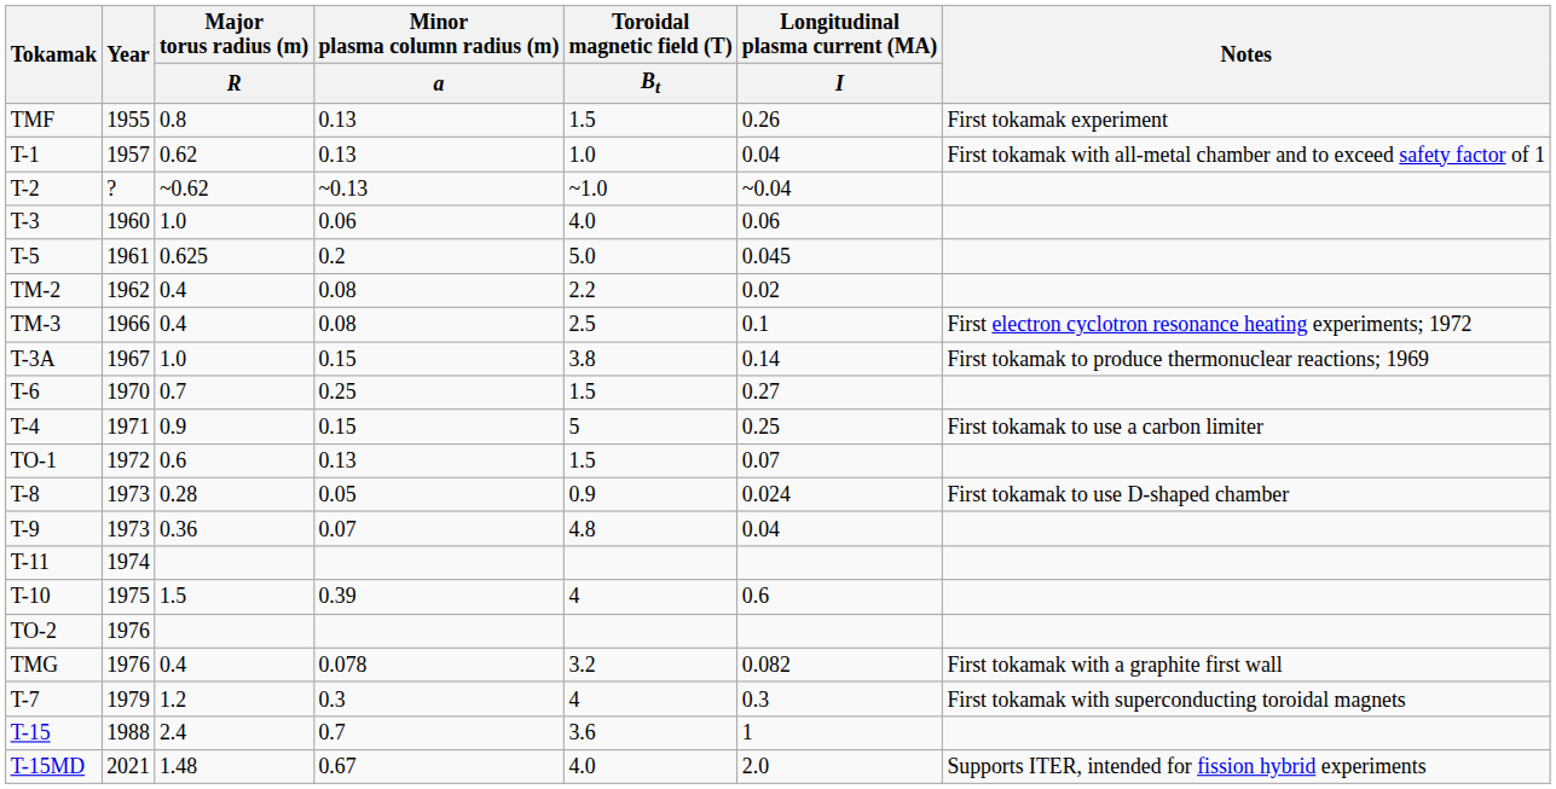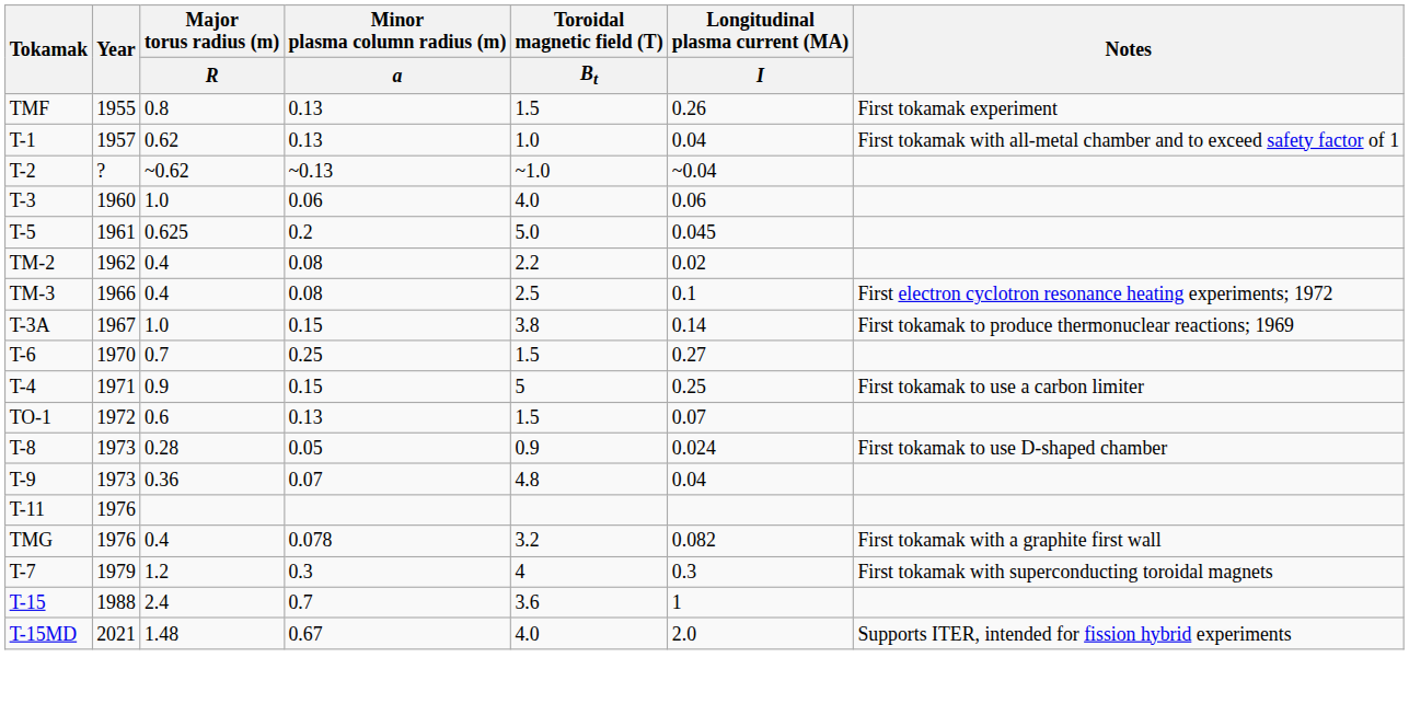 <table class="wikitable sortable">
 <tr>
 <th rowspan="2">Tokamak</th>
 <th rowspan="2">Year</th>
 <th>Major<br>torus radius (m)</th>
 <th>Minor<br>plasma column radius  (m)</th>
 <th>Toroidal<br>magnetic field (T)</th>
 <th>Longitudinal<br>plasma current (MA)</th>
 <th rowspan="2">Notes</th>
 </tr>
 <tr>
 <th><em>R</em></th>
 <th><em>a</em></th>
 <th><em>B<sub>t</sub></em></th>
 <th><em>I</em></th>
 </tr>
 <tr>
 <td>TMF</td>
 <td>1955</td>
 <td>0.8</td>
 <td>0.13</td>
 <td>1.5</td>
 <td>0.26</td>
 <td>First tokamak experiment</td>
 </tr>
 <tr>
 <td>T-1</td>
 <td>1957</td>
 <td>0.62</td>
 <td>0.13</td>
 <td>1.0</td>
 <td>0.04</td>
 <td>First tokamak with all-metal chamber and to exceed <a href='#'>safety factor</a> of 1</td>
 </tr>
 <tr>
 <td>T-2</td>
 <td>?</td>
 <td>~0.62</td>
 <td>~0.13</td>
 <td>~1.0</td>
 <td>~0.04</td>
 <td></td>
 </tr>
 <tr>
 <td>T-3</td>
 <td>1960</td>
 <td>1.0</td>
 <td>0.06</td>
 <td>4.0</td>
 <td>0.06</td>
 <td></td>
 </tr>
 <tr>
 <td>T-5</td>
 <td>1961</td>
 <td>0.625</td>
 <td>0.2</td>
 <td>5.0</td>
 <td>0.045</td>
 <td></td>
 </tr>
 <tr>
 <td>TM-2</td>
 <td>1962</td>
 <td>0.4</td>
 <td>0.08</td>
 <td>2.2</td>
 <td>0.02</td>
 <td></td>
 </tr>
 <tr>
 <td>TM-3</td>
 <td>1966</td>
 <td>0.4</td>
 <td>0.08</td>
 <td>2.5</td>
 <td>0.1</td>
 <td>First <a href='#'>electron cyclotron resonance heating</a> experiments; 1972</td>
 </tr>
 <tr>
 <td>T-3A</td>
 <td>1967</td>
 <td>1.0</td>
 <td>0.15</td>
 <td>3.8</td>
 <td>0.14</td>
 <td>First tokamak to produce thermonuclear reactions; 1969</td>
 </tr>
 <tr>
 <td>T-6</td>
 <td>1970</td>
 <td>0.7</td>
 <td>0.25</td>
 <td>1.5</td>
 <td>0.27</td>
 <td></td>
 </tr>
 <tr>
 <td>T-4</td>
 <td>1971</td>
 <td>0.9</td>
 <td>0.15</td>
 <td>5</td>
 <td>0.25</td>
 <td>First tokamak to use a carbon limiter</td>
 </tr>
 <tr>
 <td>TO-1</td>
 <td>1972</td>
 <td>0.6</td>
 <td>0.13</td>
 <td>1.5</td>
 <td>0.07</td>
 <td></td>
 </tr>
 <tr>
 <td>T-8</td>
 <td>1973</td>
 <td>0.28</td>
 <td>0.05</td>
 <td>0.9</td>
 <td>0.024</td>
 <td>First tokamak to use D-shaped chamber</td>
 </tr>
 <tr>
 <td>T-9</td>
 <td>1973</td>
 <td>0.36</td>
 <td>0.07</td>
 <td>4.8</td>
 <td>0.04</td>
 <td></td>
 </tr>
 <tr>
 <td>T-11</td>
-<td>1974</td>
-<td></td>
-<td></td>
-<td></td>
-<td></td>
-<td></td>
-</tr>
-<tr>
-<td>T-10</td>
-<td>1975</td>
-<td>1.5</td>
-<td>0.39</td>
-<td>4</td>
-<td>0.6</td>
-<td></td>
-</tr>
-<tr>
-<td>TO-2</td>
 <td>1976</td>
 <td></td>
 <td></td>
 <td></td>
 <td></td>
 <td></td>
 </tr>
 <tr>
 <td>TMG</td>
 <td>1976</td>
 <td>0.4</td>
 <td>0.078</td>
 <td>3.2</td>
 <td>0.082</td>
 <td>First tokamak with a graphite first wall</td>
 </tr>
 <tr>
 <td>T-7</td>
 <td>1979</td>
 <td>1.2</td>
 <td>0.3</td>
 <td>4</td>
 <td>0.3</td>
 <td>First tokamak with superconducting toroidal magnets</td>
 </tr>
 <tr>
 <td><a href='#'>T-15</a></td>
 <td>1988</td>
 <td>2.4</td>
 <td>0.7</td>
 <td>3.6</td>
 <td>1</td>
 <td></td>
 </tr>
 <tr>
 <td><a href='#'>T-15MD</a></td>
 <td>2021</td>
 <td>1.48</td>
 <td>0.67</td>
 <td>4.0</td>
 <td>2.0</td>
 <td>Supports ITER, intended for <a href='#'>fission hybrid</a> experiments</td>
 </tr>
 </table>
